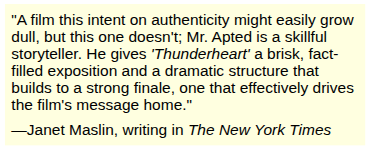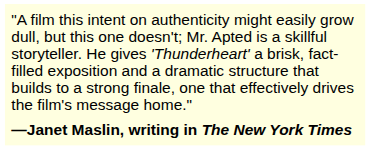 <table class="toccolours" style="float: left; margin-left: 1em; margin-right: 2em; font-size: 85%; background:#FFFFE0; color:black; width:25em; max-width: 20%;" cellspacing="5">
 <tr>
 <td style="text-align: left;">"A film this intent on authenticity might easily grow dull, but this one doesn't; Mr. Apted is a skillful storyteller. He gives <em> 'Thunderheart' </em> a brisk, fact-filled exposition and a dramatic structure that builds to a strong finale, one that effectively drives the film's message home."</td>
 </tr>
 <tr>
-<td style="text-align: left;">—Janet Maslin, writing in <em>The New York Times</em></td>
+<td style="text-align: left;"><strong>—Janet Maslin, writing in <em>The New York Times</em></strong></td>
 </tr>
 </table>
